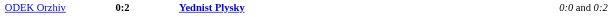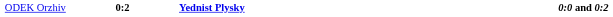 <table width=100% cellspacing=1>
 <tr>
 <th width=20%></th>
 <th width=12%></th>
 <th width=20%></th>
 <th></th>
 </tr>
 <tr style=font-size:90%>
 <td align=right><a href='#'>ODEK Orzhiv</a></td>
 <td align=center><strong>0:2</strong></td>
 <td><strong><a href='#'>Yednist Plysky</a></strong></td>
-<td align=center><em>0:0</em> and <em>0:2</em></td>
+<td align=center><strong><em>0:0</em> and <em>0:2</em></strong></td>
 </tr>
 </table>
